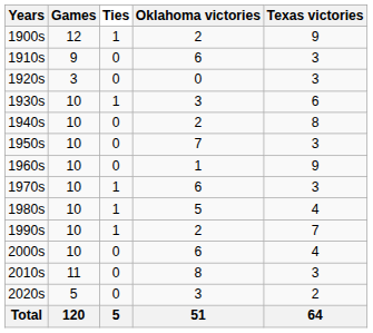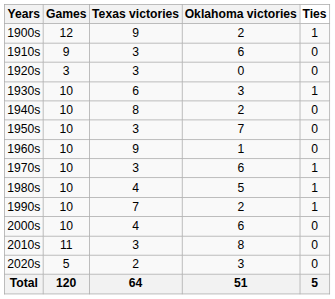 <table class="wikitable sortable" style="text-align:center">
 <tr>
 <th>Years</th>
 <th>Games</th>
+<th>Texas victories</th>
+<th>Oklahoma victories</th>
 <th style="text-align:center; background:white; color:black;">Ties</th>
-<th>Oklahoma victories</th>
-<th>Texas victories</th>
 </tr>
 <tr>
 <td>1900s</td>
 <td>12</td>
+<td>9</td>
+<td>2</td>
 <td>1</td>
-<td>2</td>
-<td>9</td>
 </tr>
 <tr>
 <td>1910s</td>
 <td>9</td>
+<td>3</td>
+<td>6</td>
 <td>0</td>
-<td>6</td>
-<td>3</td>
 </tr>
 <tr>
 <td>1920s</td>
 <td>3</td>
+<td>3</td>
 <td>0</td>
 <td>0</td>
-<td>3</td>
 </tr>
 <tr>
 <td>1930s</td>
 <td>10</td>
+<td>6</td>
+<td>3</td>
 <td>1</td>
-<td>3</td>
-<td>6</td>
 </tr>
 <tr>
 <td>1940s</td>
 <td>10</td>
+<td>8</td>
+<td>2</td>
 <td>0</td>
-<td>2</td>
-<td>8</td>
 </tr>
 <tr>
 <td>1950s</td>
 <td>10</td>
+<td>3</td>
+<td>7</td>
 <td>0</td>
-<td>7</td>
-<td>3</td>
 </tr>
 <tr>
 <td>1960s</td>
 <td>10</td>
+<td>9</td>
+<td>1</td>
 <td>0</td>
-<td>1</td>
-<td>9</td>
 </tr>
 <tr>
 <td>1970s</td>
 <td>10</td>
+<td>3</td>
+<td>6</td>
 <td>1</td>
-<td>6</td>
-<td>3</td>
 </tr>
 <tr>
 <td>1980s</td>
 <td>10</td>
+<td>4</td>
+<td>5</td>
 <td>1</td>
-<td>5</td>
-<td>4</td>
 </tr>
 <tr>
 <td>1990s</td>
 <td>10</td>
+<td>7</td>
+<td>2</td>
 <td>1</td>
-<td>2</td>
-<td>7</td>
 </tr>
 <tr>
 <td>2000s</td>
 <td>10</td>
+<td>4</td>
+<td>6</td>
 <td>0</td>
-<td>6</td>
-<td>4</td>
 </tr>
 <tr>
 <td>2010s</td>
 <td>11</td>
+<td>3</td>
+<td>8</td>
 <td>0</td>
-<td>8</td>
-<td>3</td>
 </tr>
 <tr>
 <td>2020s</td>
 <td>5</td>
+<td>2</td>
+<td>3</td>
 <td>0</td>
-<td>3</td>
-<td>2</td>
 </tr>
 <tr>
 <th>Total</th>
 <th>120</th>
+<th>64</th>
+<th>51</th>
 <th>5</th>
-<th>51</th>
-<th>64</th>
 </tr>
 </table>
